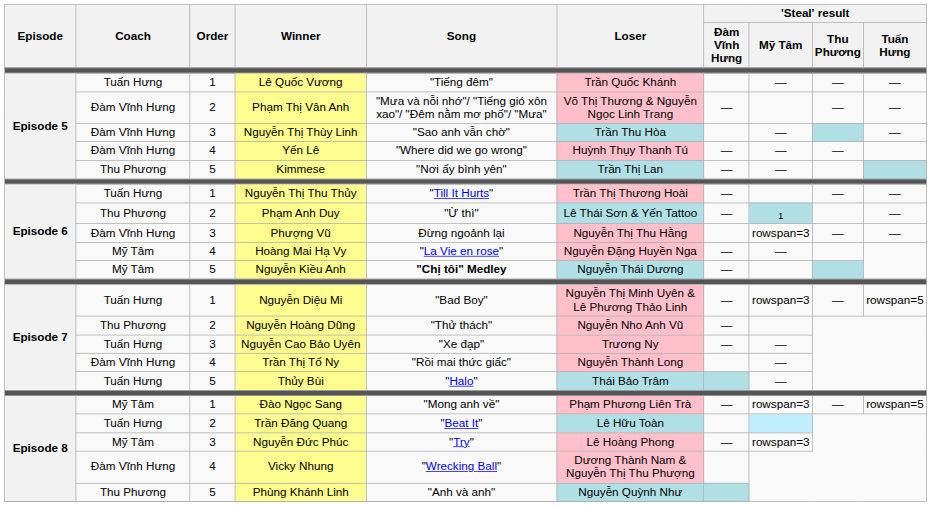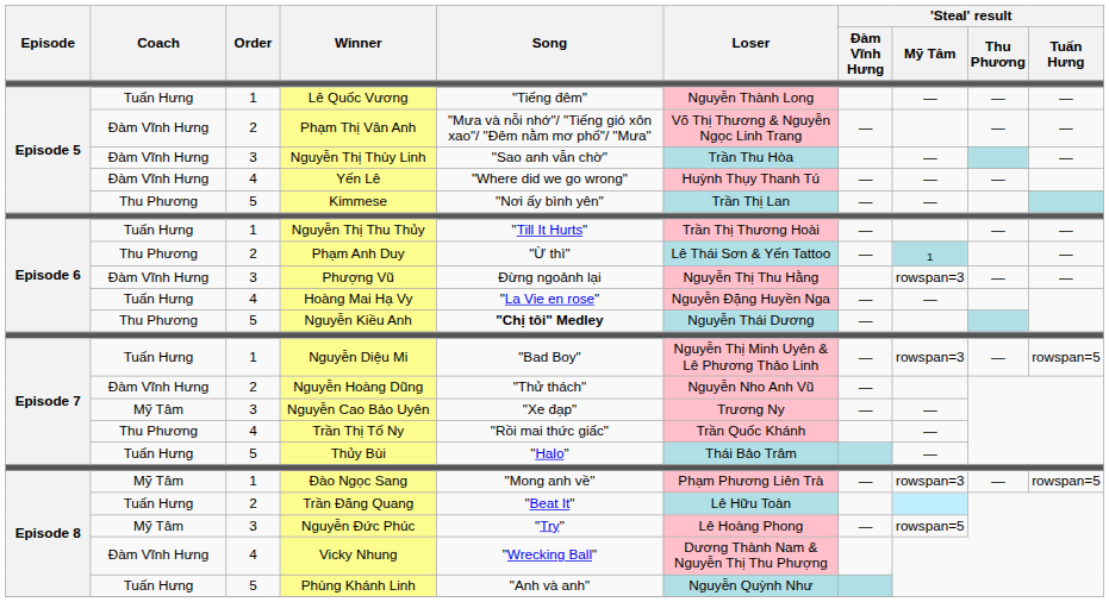 <table class="wikitable" style="text-align: center; width:100%;">
 <tr>
 <th rowspan="2" style="width:8%;">Episode</th>
 <th rowspan="2" style="width:13%;">Coach</th>
 <th rowspan="2" style="width:05%;">Order</th>
 <th rowspan="2" style="width:15%;">Winner</th>
 <th rowspan="2" style="width:22%;">Song</th>
 <th rowspan="2" style="width:17%;">Loser</th>
 <th colspan="4" style="width:20%;">'Steal' result</th>
 </tr>
 <tr>
 <th style="width:05%;">Đàm Vĩnh Hưng</th>
 <th style="width:05%;">Mỹ Tâm</th>
 <th style="width:05%;">Thu Phương</th>
 <th style="width:05%;">Tuấn Hưng</th>
 </tr>
 <tr>
 <td colspan="10" style="background:#555;"></td>
 </tr>
 <tr>
 <th rowspan="5">Episode 5</th>
 <td>Tuấn Hưng</td>
 <td>1</td>
 <td style="background:#fdfc8f;">Lê Quốc Vương</td>
 <td>"Tiếng đêm"</td>
-<td style="background:pink;">Trần Quốc Khánh</td>
+<td style="background:pink;">Nguyễn Thành Long</td>
 <td></td>
 <td align="center">—</td>
 <td align="center">—</td>
 <td align="center">—</td>
 </tr>
 <tr>
 <td>Đàm Vĩnh Hưng</td>
 <td>2</td>
 <td style="background:#fdfc8f;">Phạm Thị Vân Anh</td>
 <td>"Mưa và nỗi nhớ"/ "Tiếng gió xôn xao"/ "Đêm nằm mơ phố"/ "Mưa"</td>
 <td style="background:pink;">Võ Thị Thương & Nguyễn Ngọc Linh Trang</td>
 <td align="center">—</td>
 <td></td>
 <td align="center">—</td>
 <td align="center">—</td>
 </tr>
 <tr>
 <td>Đàm Vĩnh Hưng</td>
 <td>3</td>
 <td style="background:#fdfc8f;">Nguyễn Thị Thùy Linh</td>
 <td>"Sao anh vẫn chờ"</td>
 <td style="background:#b0e0e6;">Trần Thu Hòa</td>
 <td></td>
 <td align="center">—</td>
 <td style="background:#b0e0e6;text-align:center;"></td>
 <td align="center">—</td>
 </tr>
 <tr>
 <td>Đàm Vĩnh Hưng</td>
 <td>4</td>
 <td style="background:#fdfc8f;">Yến Lê</td>
 <td>"Where did we go wrong"</td>
 <td style="background:pink;">Huỳnh Thụy Thanh Tú</td>
 <td align="center">—</td>
 <td align="center">—</td>
 <td align="center">—</td>
 <td></td>
 </tr>
 <tr>
 <td>Thu Phương</td>
 <td>5</td>
 <td style="background:#fdfc8f;">Kimmese</td>
 <td>"Nơi ấy bình yên"</td>
 <td style="background:#b0e0e6;">Trần Thị Lan</td>
 <td align="center">—</td>
 <td align="center">—</td>
 <td></td>
 <td style="background:#b0e0e6;text-align:center;"></td>
 </tr>
 <tr>
 <td colspan="10" style="background:#555;"></td>
 </tr>
 <tr>
 <th rowspan="5">Episode 6</th>
 <td>Tuấn Hưng</td>
 <td>1</td>
 <td style="background:#fdfc8f;">Nguyễn Thị Thu Thủy</td>
 <td>"<a href='#'>Till It Hurts</a>"</td>
 <td style="background:pink;">Trần Thị Thương Hoài</td>
 <td align="center">—</td>
 <td></td>
 <td align="center">—</td>
 <td align="center">—</td>
 </tr>
 <tr>
 <td>Thu Phương</td>
 <td>2</td>
 <td style="background:#fdfc8f;">Phạm Anh Duy</td>
 <td>"Ừ thì"</td>
 <td style="background:#b0e0e6;">Lê Thái Sơn & Yến Tattoo</td>
 <td align="center">—</td>
 <td style="background:#b0e0e6;text-align:center;"> <sub>1</sub></td>
 <td></td>
 <td align="center">—</td>
 </tr>
 <tr>
 <td>Đàm Vĩnh Hưng</td>
 <td>3</td>
 <td style="background:#fdfc8f;">Phượng Vũ</td>
 <td>Đừng ngoảnh lại</td>
 <td style="background:pink;">Nguyễn Thị Thu Hằng</td>
 <td></td>
 <td>rowspan=3 </td>
 <td align="center">—</td>
 <td align="center">—</td>
 </tr>
 <tr>
-<td>Mỹ Tâm</td>
+<td>Tuấn Hưng</td>
 <td>4</td>
 <td style="background:#fdfc8f;">Hoàng Mai Hạ Vy</td>
 <td>"<a href='#'>La Vie en rose</a>"</td>
 <td style="background:pink;">Nguyễn Đặng Huyền Nga</td>
 <td align="center">—</td>
 <td align="center">—</td>
 <td></td>
 </tr>
 <tr>
-<td>Mỹ Tâm</td>
+<td>Thu Phương</td>
 <td>5</td>
 <td style="background:#fdfc8f;">Nguyễn Kiều Anh</td>
 <td><strong>"Chị tôi" Medley</strong></td>
 <td style="background:#b0e0e6;">Nguyễn Thái Dương</td>
 <td align="center">—</td>
 <td></td>
 <td style="background:#b0e0e6;text-align:center;"></td>
 </tr>
 <tr>
 <td colspan="10" style="background:#555;"></td>
 </tr>
 <tr>
 <th rowspan="5">Episode 7</th>
 <td>Tuấn Hưng</td>
 <td>1</td>
 <td style="background:#fdfc8f;">Nguyễn Diệu Mi</td>
 <td>"Bad Boy"</td>
 <td style="background:pink;">Nguyễn Thị Minh Uyên & Lê Phương Thảo Linh</td>
 <td align="center">—</td>
 <td>rowspan=3 </td>
 <td align="center">—</td>
 <td>rowspan=5 </td>
 </tr>
 <tr>
-<td>Thu Phương</td>
+<td>Đàm Vĩnh Hưng</td>
 <td>2</td>
 <td style="background:#fdfc8f;">Nguyễn Hoàng Dũng</td>
 <td>"Thử thách"</td>
 <td style="background:pink;">Nguyễn Nho Anh Vũ</td>
 <td align="center">—</td>
 <td></td>
 </tr>
 <tr>
-<td>Tuấn Hưng</td>
+<td>Mỹ Tâm</td>
 <td>3</td>
 <td style="background:#fdfc8f;">Nguyễn Cao Bảo Uyên</td>
 <td>"Xe đạp"</td>
 <td style="background:pink;">Trương Ny</td>
 <td align="center">—</td>
 <td align="center">—</td>
 </tr>
 <tr>
-<td>Đàm Vĩnh Hưng</td>
+<td>Thu Phương</td>
 <td>4</td>
 <td style="background:#fdfc8f;">Trần Thị Tố Ny</td>
 <td>"Rồi mai thức giấc"</td>
-<td style="background:pink;">Nguyễn Thành Long</td>
+<td style="background:pink;">Trần Quốc Khánh</td>
 <td></td>
 <td align="center">—</td>
 </tr>
 <tr>
 <td>Tuấn Hưng</td>
 <td>5</td>
 <td style="background:#fdfc8f;">Thủy Bùi</td>
 <td>"<a href='#'>Halo</a>"</td>
 <td style="background:#b0e0e6;">Thái Bảo Trâm</td>
 <td style="background:#b0e0e6;text-align:center;"></td>
 <td align="center">—</td>
 </tr>
 <tr>
 <td colspan="10" style="background:#555;"></td>
 </tr>
 <tr>
 <th rowspan="5">Episode 8</th>
 <td>Mỹ Tâm</td>
 <td>1</td>
 <td style="background:#fdfc8f;">Đào Ngọc Sang</td>
 <td>"Mong anh về"</td>
 <td style="background:pink;">Phạm Phương Liên Trà</td>
 <td align="center">—</td>
 <td>rowspan=3 </td>
 <td align="center">—</td>
 <td>rowspan=5 </td>
 </tr>
 <tr>
 <td>Tuấn Hưng</td>
 <td>2</td>
 <td style="background:#fdfc8f;">Trần Đăng Quang</td>
 <td>"<a href='#'>Beat It</a>"</td>
 <td style="background:#b0e0e6;">Lê Hữu Toàn</td>
 <td style="text-align:center;"></td>
 <td style="background:#BFEFFF;text-align:center;"></td>
 </tr>
 <tr>
 <td>Mỹ Tâm</td>
 <td>3</td>
 <td style="background:#fdfc8f;">Nguyễn Đức Phúc</td>
 <td>"<a href='#'>Try</a>"</td>
 <td style="background:pink;">Lê Hoàng Phong</td>
 <td align="center">—</td>
-<td>rowspan=3 </td>
+<td>rowspan=5 </td>
 </tr>
 <tr>
 <td>Đàm Vĩnh Hưng</td>
 <td>4</td>
 <td style="background:#fdfc8f;">Vicky Nhung</td>
 <td>"<a href='#'>Wrecking Ball</a>"</td>
 <td style="background:pink;">Dương Thành Nam & Nguyễn Thị Thu Phượng</td>
 <td></td>
 </tr>
 <tr>
-<td>Thu Phương</td>
+<td>Tuấn Hưng</td>
 <td>5</td>
 <td style="background:#fdfc8f;">Phùng Khánh Linh</td>
 <td>"Anh và anh"</td>
 <td style="background:#b0e0e6;">Nguyễn Quỳnh Như</td>
 <td style="background:#b0e0e6;text-align:center;"></td>
 </tr>
 <tr>
 </tr>
 </table>
